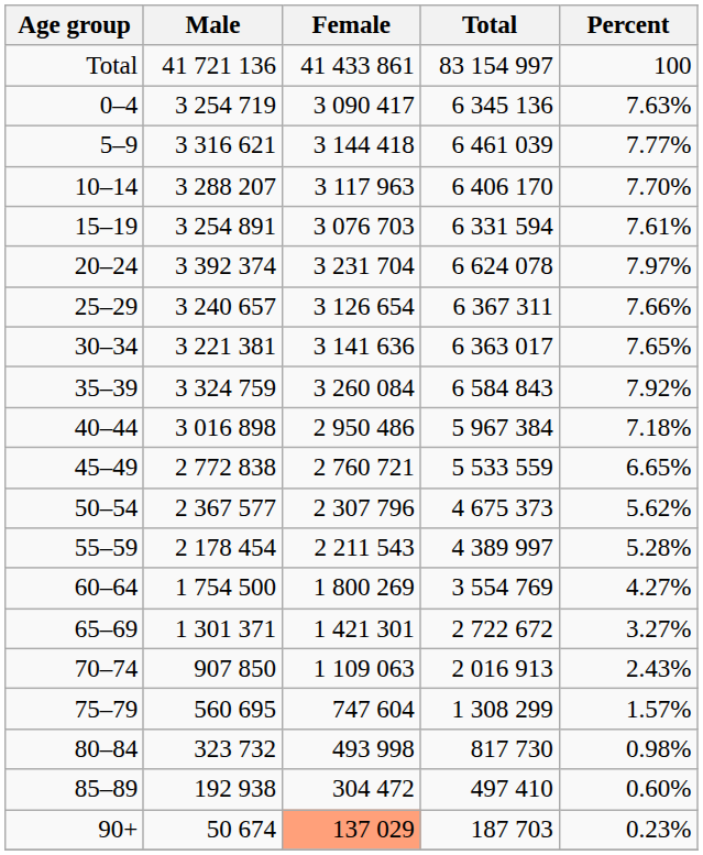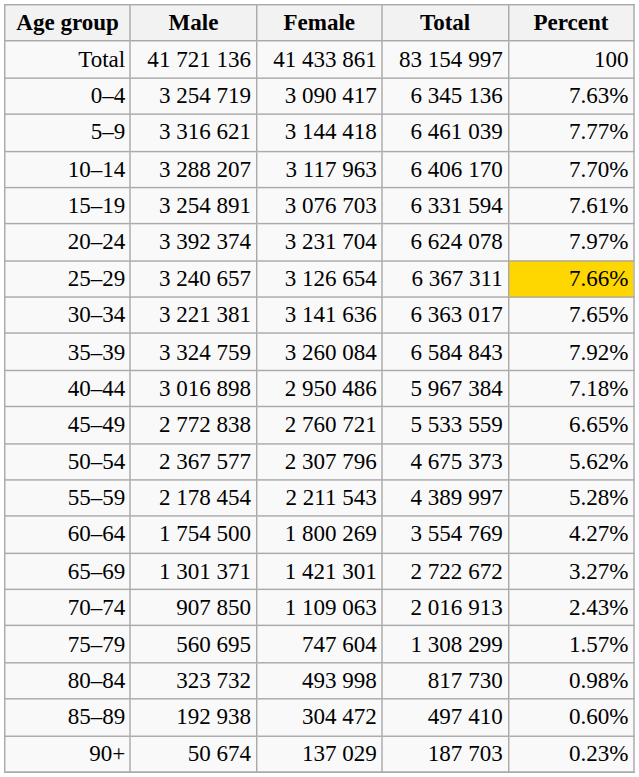 <table class="wikitable">
 <tr>
 <th width="80pt">Age group</th>
 <th width="80pt">Male</th>
 <th width="80pt">Female</th>
 <th width="80pt">Total</th>
 <th width="80pt">Percent</th>
 </tr>
 <tr>
 <td align="right">Total</td>
 <td align="right">41 721 136</td>
 <td align="right">41 433 861</td>
 <td align="right">83 154 997</td>
 <td align="right">100</td>
 </tr>
 <tr>
 <td align="right">0–4</td>
 <td align="right">3 254 719</td>
 <td align="right">3 090 417</td>
 <td align="right">6 345 136</td>
 <td align="right">7.63%</td>
 </tr>
 <tr>
 <td align="right">5–9</td>
 <td align="right">3 316 621</td>
 <td align="right">3 144 418</td>
 <td align="right">6 461 039</td>
 <td align="right">7.77%</td>
 </tr>
 <tr>
 <td align="right">10–14</td>
 <td align="right">3 288 207</td>
 <td align="right">3 117 963</td>
 <td align="right">6 406 170</td>
 <td align="right">7.70%</td>
 </tr>
 <tr>
 <td align="right">15–19</td>
 <td align="right">3 254 891</td>
 <td align="right">3 076 703</td>
 <td align="right">6 331 594</td>
 <td align="right">7.61%</td>
 </tr>
 <tr>
 <td align="right">20–24</td>
 <td align="right">3 392 374</td>
 <td align="right">3 231 704</td>
 <td align="right">6 624 078</td>
 <td align="right">7.97%</td>
 </tr>
 <tr>
 <td align="right">25–29</td>
 <td align="right">3 240 657</td>
 <td align="right">3 126 654</td>
 <td align="right">6 367 311</td>
-<td align="right">7.66%</td>
+<td align="right" style="background: gold;">7.66%</td>
 </tr>
 <tr>
 <td align="right">30–34</td>
 <td align="right">3 221 381</td>
 <td align="right">3 141 636</td>
 <td align="right">6 363 017</td>
 <td align="right">7.65%</td>
 </tr>
 <tr>
 <td align="right">35–39</td>
 <td align="right">3 324 759</td>
 <td align="right">3 260 084</td>
 <td align="right">6 584 843</td>
 <td align="right">7.92%</td>
 </tr>
 <tr>
 <td align="right">40–44</td>
 <td align="right">3 016 898</td>
 <td align="right">2 950 486</td>
 <td align="right">5 967 384</td>
 <td align="right">7.18%</td>
 </tr>
 <tr>
 <td align="right">45–49</td>
 <td align="right">2 772 838</td>
 <td align="right">2 760 721</td>
 <td align="right">5 533 559</td>
 <td align="right">6.65%</td>
 </tr>
 <tr>
 <td align="right">50–54</td>
 <td align="right">2 367 577</td>
 <td align="right">2 307 796</td>
 <td align="right">4 675 373</td>
 <td align="right">5.62%</td>
 </tr>
 <tr>
 <td align="right">55–59</td>
 <td align="right">2 178 454</td>
 <td align="right">2 211 543</td>
 <td align="right">4 389 997</td>
 <td align="right">5.28%</td>
 </tr>
 <tr>
 <td align="right">60–64</td>
 <td align="right">1 754 500</td>
 <td align="right">1 800 269</td>
 <td align="right">3 554 769</td>
 <td align="right">4.27%</td>
 </tr>
 <tr>
 <td align="right">65–69</td>
 <td align="right">1 301 371</td>
 <td align="right">1 421 301</td>
 <td align="right">2 722 672</td>
 <td align="right">3.27%</td>
 </tr>
 <tr>
 <td align="right">70–74</td>
 <td align="right">907 850</td>
 <td align="right">1 109 063</td>
 <td align="right">2 016 913</td>
 <td align="right">2.43%</td>
 </tr>
 <tr>
 <td align="right">75–79</td>
 <td align="right">560 695</td>
 <td align="right">747 604</td>
 <td align="right">1 308 299</td>
 <td align="right">1.57%</td>
 </tr>
 <tr>
 <td align="right">80–84</td>
 <td align="right">323 732</td>
 <td align="right">493 998</td>
 <td align="right">817 730</td>
 <td align="right">0.98%</td>
 </tr>
 <tr>
 <td align="right">85–89</td>
 <td align="right">192 938</td>
 <td align="right">304 472</td>
 <td align="right">497 410</td>
 <td align="right">0.60%</td>
 </tr>
 <tr>
 <td align="right">90+</td>
 <td align="right">50 674</td>
-<td align="right" style="background: lightsalmon;">137 029</td>
+<td align="right">137 029</td>
 <td align="right">187 703</td>
 <td align="right">0.23%</td>
 </tr>
 <tr>
 </tr>
 </table>
